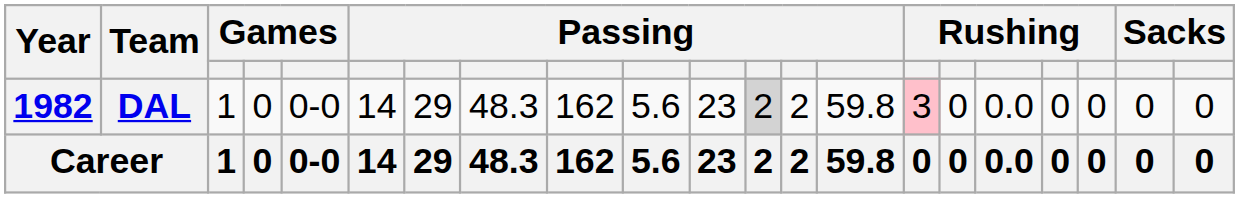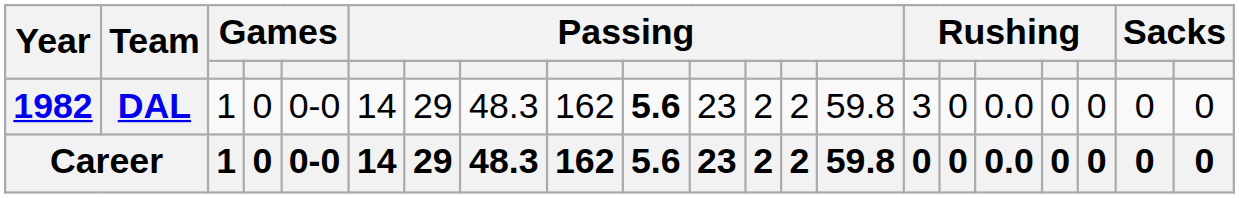 <table class="wikitable" style="text-align:center;">
 <tr>
 <th rowspan="2">Year</th>
 <th rowspan="2">Team</th>
 <th colspan="3">Games</th>
 <th colspan="9">Passing</th>
 <th colspan="5">Rushing</th>
 <th colspan="2">Sacks</th>
 </tr>
 <tr>
 <th></th>
 <th></th>
 <th></th>
 <th></th>
 <th></th>
 <th></th>
 <th></th>
 <th></th>
 <th></th>
 <th></th>
 <th></th>
 <th></th>
 <th></th>
 <th></th>
 <th></th>
 <th></th>
 <th></th>
 <th></th>
 <th></th>
 </tr>
 <tr>
 <th><a href='#'>1982</a></th>
 <th><a href='#'>DAL</a></th>
 <td>1</td>
 <td>0</td>
 <td>0-0</td>
 <td>14</td>
 <td>29</td>
 <td>48.3</td>
 <td>162</td>
-<td>5.6</td>
+<td><strong>5.6</strong></td>
 <td>23</td>
-<td style="background: lightgrey;">2</td>
+<td>2</td>
 <td>2</td>
 <td>59.8</td>
-<td style="background: pink;">3</td>
+<td>3</td>
 <td>0</td>
 <td>0.0</td>
 <td>0</td>
 <td>0</td>
 <td>0</td>
 <td>0</td>
 </tr>
 <tr>
 <th colspan="2">Career</th>
 <th>1</th>
 <th>0</th>
 <th>0-0</th>
 <th>14</th>
 <th>29</th>
 <th>48.3</th>
 <th>162</th>
 <th>5.6</th>
 <th>23</th>
 <th>2</th>
 <th>2</th>
 <th>59.8</th>
 <th>0</th>
 <th>0</th>
 <th>0.0</th>
 <th>0</th>
 <th>0</th>
 <th>0</th>
 <th>0</th>
 </tr>
 </table>
